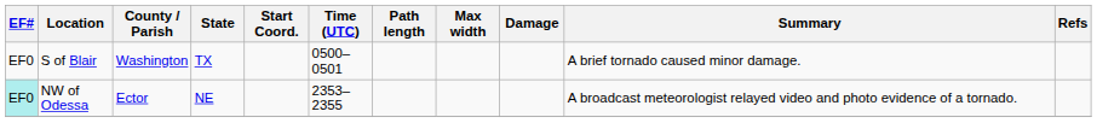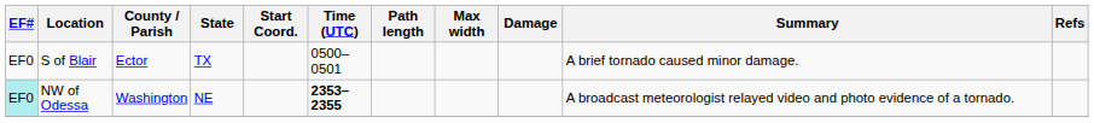 <table class="wikitable sortable" style="width:100%;">
 <tr>
 <th scope="col"  style="width:3%; text-align:center;"><a href='#'>EF#</a></th>
 <th scope="col"  style="width:7%; text-align:center;" class="unsortable">Location</th>
 <th scope="col"  style="width:6%; text-align:center;" class="unsortable">County / Parish</th>
 <th scope="col"  style="width:5%; text-align:center;">State</th>
 <th scope="col"  style="width:6%; text-align:center;">Start Coord.</th>
 <th scope="col"  style="width:6%; text-align:center;">Time (<a href='#'>UTC</a>)</th>
 <th scope="col"  style="width:6%; text-align:center;">Path length</th>
 <th scope="col"  style="width:6%; text-align:center;">Max width</th>
 <th scope="col"  style="width:6%; text-align:center;">Damage</th>
 <th scope="col" class="unsortable" style="width:48%; text-align:center;">Summary</th>
 <th scope="col" class="unsortable" style="width:48%; text-align:center;">Refs</th>
 </tr>
 <tr>
 <td>EF0</td>
 <td>S of <a href='#'>Blair</a></td>
-<td><a href='#'>Washington</a></td>
+<td><a href='#'>Ector</a></td>
 <td><a href='#'>TX</a></td>
 <td></td>
 <td>0500–0501</td>
 <td></td>
 <td></td>
 <td></td>
 <td>A brief tornado caused minor damage.</td>
 <td></td>
 </tr>
 <tr>
 <td style="background: paleturquoise;">EF0</td>
 <td>NW of <a href='#'>Odessa</a></td>
-<td><a href='#'>Ector</a></td>
+<td><a href='#'>Washington</a></td>
 <td><a href='#'>NE</a></td>
 <td></td>
-<td>2353–2355</td>
+<td><strong>2353–2355</strong></td>
 <td></td>
 <td></td>
 <td></td>
 <td>A broadcast meteorologist relayed video and photo evidence of a tornado.</td>
 <td></td>
 </tr>
 <tr>
 </tr>
 </table>
